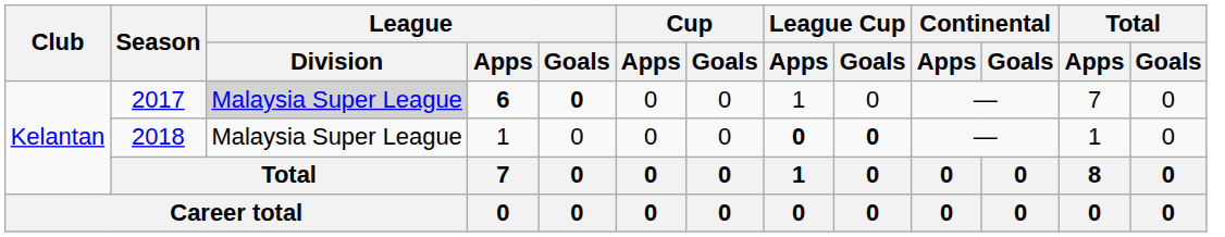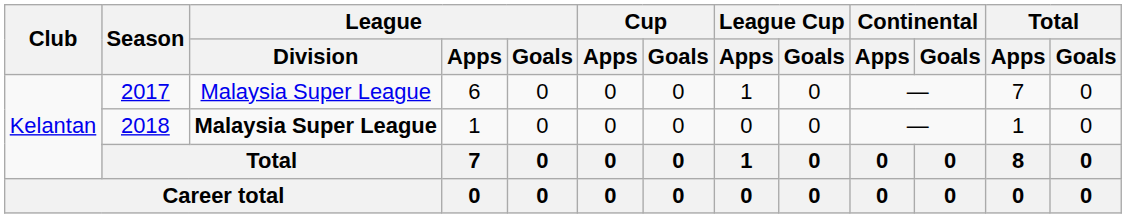 <table class=wikitable style="text-align:center">
 <tr>
 <th rowspan=2>Club</th>
 <th rowspan=2>Season</th>
 <th colspan=3>League</th>
 <th colspan=2>Cup</th>
 <th colspan=2>League Cup</th>
 <th colspan=2>Continental</th>
 <th colspan=2>Total</th>
 </tr>
 <tr>
 <th>Division</th>
 <th>Apps</th>
 <th>Goals</th>
 <th>Apps</th>
 <th>Goals</th>
 <th>Apps</th>
 <th>Goals</th>
 <th>Apps</th>
 <th>Goals</th>
 <th>Apps</th>
 <th>Goals</th>
 </tr>
 <tr>
 <td rowspan="3"><a href='#'>Kelantan</a></td>
 <td><a href='#'>2017</a></td>
-<td style="background: lightgrey;"><a href='#'>Malaysia Super League</a></td>
-<td><strong>6</strong></td>
-<td><strong>0</strong></td>
+<td><a href='#'>Malaysia Super League</a></td>
+<td>6</td>
+<td>0</td>
 <td>0</td>
 <td>0</td>
 <td>1</td>
 <td>0</td>
 <td colspan="2">—</td>
 <td>7</td>
 <td>0</td>
 </tr>
 <tr>
 <td><a href='#'>2018</a></td>
-<td>Malaysia Super League</td>
+<td><strong>Malaysia Super League</strong></td>
 <td>1</td>
 <td>0</td>
 <td>0</td>
 <td>0</td>
-<td><strong>0</strong></td>
-<td><strong>0</strong></td>
+<td>0</td>
+<td>0</td>
 <td colspan="2">—</td>
 <td>1</td>
 <td>0</td>
 </tr>
 <tr>
 <th colspan=2>Total</th>
 <th>7</th>
 <th>0</th>
 <th>0</th>
 <th>0</th>
 <th>1</th>
 <th>0</th>
 <th>0</th>
 <th>0</th>
 <th>8</th>
 <th>0</th>
 </tr>
 <tr>
 <th colspan=3>Career total</th>
 <th>0</th>
 <th>0</th>
 <th>0</th>
 <th>0</th>
 <th>0</th>
 <th>0</th>
 <th>0</th>
 <th>0</th>
 <th>0</th>
 <th>0</th>
 </tr>
 </table>
